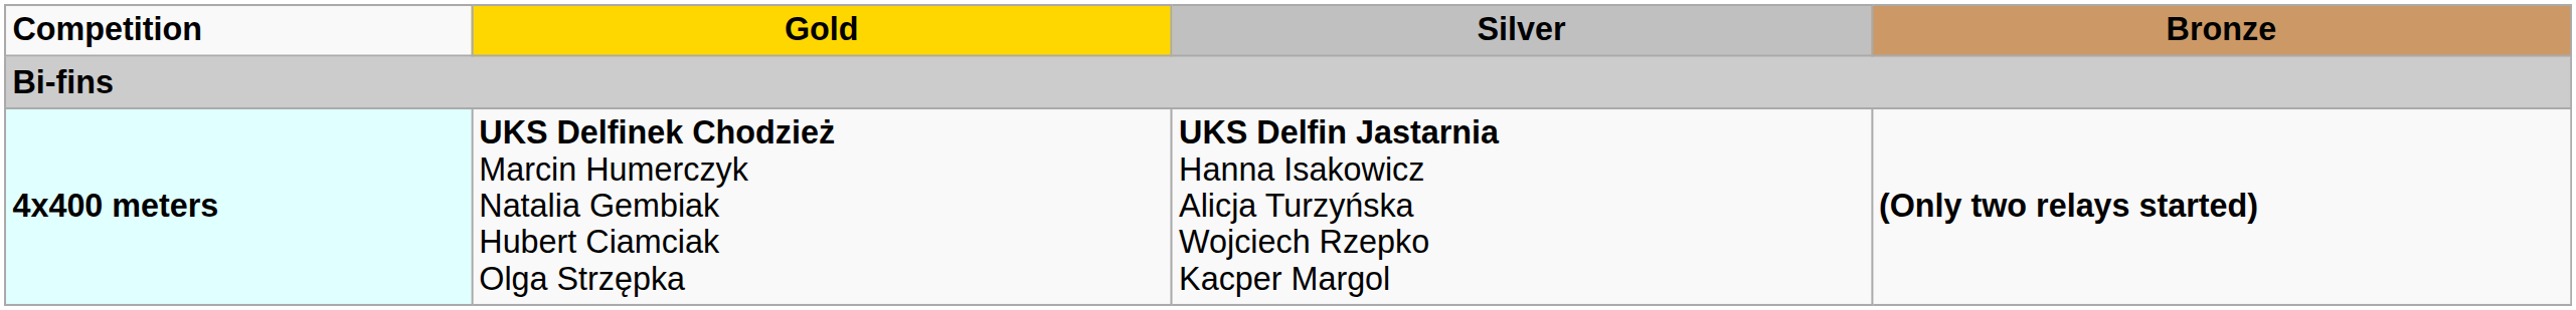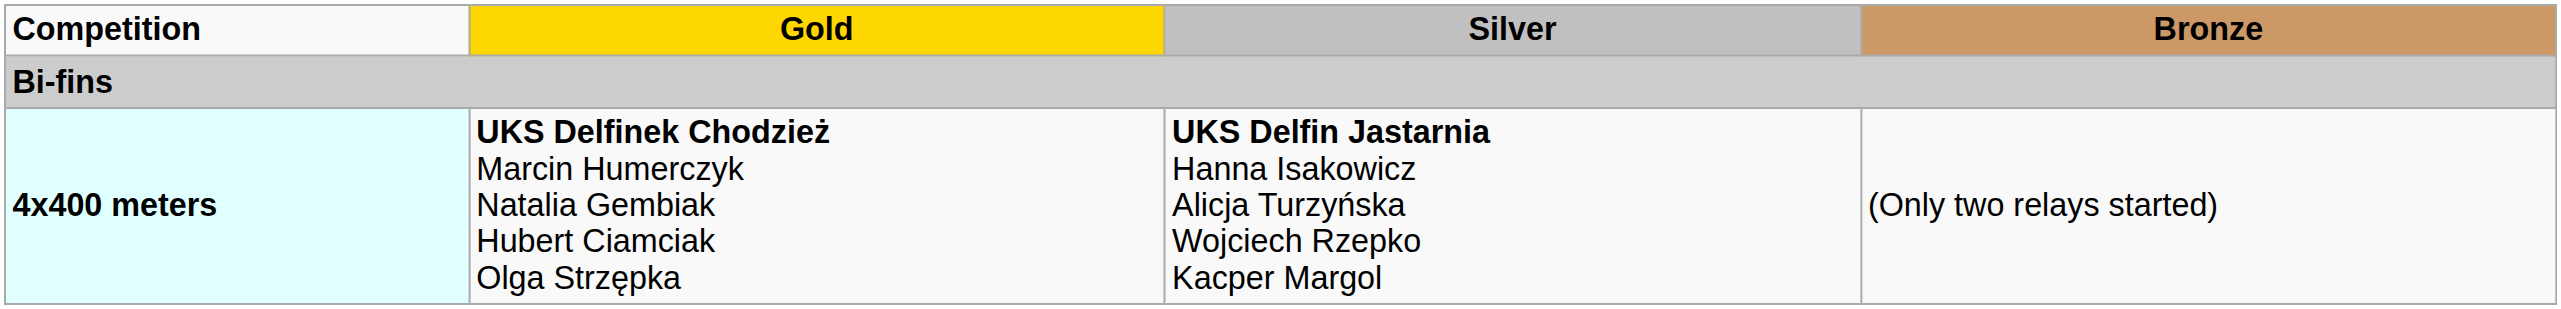 <table class="wikitable" style="font-size:100%" width="100%">
 <tr>
 <td width="14%"><strong>Competition</strong></td>
 <td align="center" bgcolor="gold" width="21%"><strong>Gold</strong></td>
 <td align="center" bgcolor="silver" width="21%"><strong>Silver</strong></td>
 <td align="center" bgcolor="CC9966" width="21%"><strong>Bronze</strong></td>
 </tr>
 <tr bgcolor="#cccccc">
 <td colspan="4"><strong>Bi-fins</strong></td>
 </tr>
 <tr>
 <td bgcolor="E0FFFF"><strong>4x400 meters</strong></td>
 <td><strong>UKS Delfinek Chodzież</strong><br>Marcin Humerczyk<br>Natalia Gembiak<br>Hubert Ciamciak<br>Olga Strzępka</td>
 <td><strong>UKS Delfin Jastarnia</strong><br>Hanna Isakowicz<br>Alicja Turzyńska<br>Wojciech Rzepko<br>Kacper Margol</td>
-<td><strong>(Only two relays started)</strong></td>
+<td>(Only two relays started)</td>
 </tr>
 </table>
